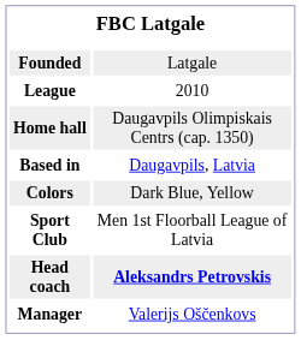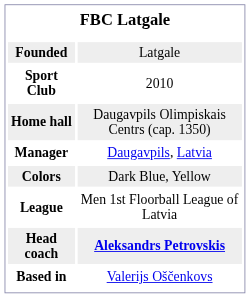 <table style="margin:5px; border:1px solid #8888AA;" align=right cellpadding=3 cellspacing=3 width=280>
 <tr align="center" bgcolor="White">
 <td colspan=2><span><big><strong>FBC Latgale</strong></big></span></td>
 </tr>
 <tr align="center">
 <td colspan=2></td>
 </tr>
 <tr align="center" bgcolor="#eeeeee">
 <td><strong>Founded</strong></td>
 <td>Latgale</td>
 </tr>
 <tr align="center">
-<td><strong>League</strong></td>
+<td><strong>Sport Club</strong></td>
 <td>2010</td>
 </tr>
 <tr align="center" bgcolor="#eeeeee">
 <td><strong>Home hall</strong></td>
 <td>Daugavpils Olimpiskais Centrs (cap. 1350)</td>
 </tr>
 <tr align="center">
-<td><strong>Based in</strong></td>
+<td><strong>Manager</strong></td>
 <td><a href='#'>Daugavpils</a>, <a href='#'>Latvia</a></td>
 </tr>
 <tr align="center" bgcolor="#eeeeee">
 <td><strong>Colors</strong></td>
 <td>Dark Blue, Yellow</td>
 </tr>
 <tr align="center">
-<td><strong>Sport Club</strong></td>
+<td><strong>League</strong></td>
 <td>Men 1st Floorball League of Latvia</td>
 </tr>
 <tr align="center" bgcolor="#eeeeee">
 <td><strong>Head coach</strong></td>
 <td><strong><a href='#'>Aleksandrs Petrovskis</a></strong></td>
 </tr>
 <tr align="center">
-<td><strong>Manager</strong></td>
+<td><strong>Based in</strong></td>
 <td><a href='#'>Valerijs Oščenkovs</a></td>
 </tr>
 <tr align="center">
 </tr>
 </table>
